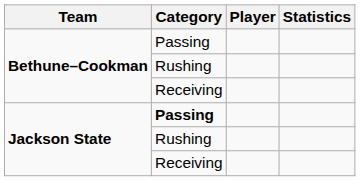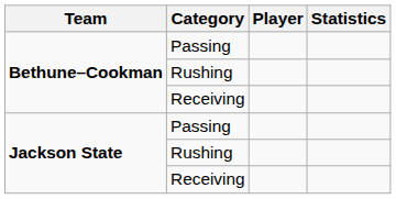 <table class="wikitable" style="float: left;">
 <tr>
 <th>Team</th>
 <th>Category</th>
 <th>Player</th>
 <th>Statistics</th>
 </tr>
 <tr>
 <td rowspan=3><strong>Bethune–Cookman</strong></td>
 <td>Passing</td>
 <td></td>
 <td> </td>
 </tr>
 <tr>
 <td>Rushing</td>
 <td></td>
 <td> </td>
 </tr>
 <tr>
 <td>Receiving</td>
 <td></td>
 <td> </td>
 </tr>
 <tr>
 <td rowspan=3><strong>Jackson State</strong></td>
-<td><strong>Passing</strong></td>
+<td>Passing</td>
 <td></td>
 <td> </td>
 </tr>
 <tr>
 <td>Rushing</td>
 <td></td>
 <td> </td>
 </tr>
 <tr>
 <td>Receiving</td>
 <td></td>
 <td> </td>
 </tr>
 </table>
